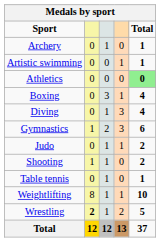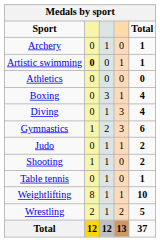 <table class=wikitable style="font-size:85%; float:right;text-align:center">
 <tr bgcolor=EFEFEF>
 <th colspan=7><strong>Medals by sport</strong></th>
 </tr>
 <tr>
 <td><strong>Sport</strong></td>
 <td bgcolor=F7F6A8></td>
 <td bgcolor=DCE5E5></td>
 <td bgcolor=FFDBA9></td>
 <td><strong>Total</strong></td>
 </tr>
 <tr>
 <td><a href='#'>Archery</a></td>
 <td bgcolor=F7F6A8>0</td>
 <td bgcolor=DCE5E5>1</td>
 <td bgcolor=FFDAB9>0</td>
 <td><strong>1</strong></td>
 </tr>
 <tr>
 <td><a href='#'>Artistic swimming</a></td>
-<td bgcolor=F7F6A8>0</td>
+<td bgcolor=F7F6A8><strong>0</strong></td>
 <td bgcolor=DCE5E5>0</td>
 <td bgcolor=FFDAB9>1</td>
 <td><strong>1</strong></td>
 </tr>
 <tr>
 <td><a href='#'>Athletics</a></td>
 <td bgcolor=F7F6A8>0</td>
 <td bgcolor=DCE5E5>0</td>
 <td bgcolor=FFDAB9>0</td>
-<td style="background: lightgreen;"><strong>0</strong></td>
+<td><strong>0</strong></td>
 </tr>
 <tr>
 <td><a href='#'>Boxing</a></td>
 <td bgcolor=F7F6A8>0</td>
 <td bgcolor=DCE5E5>3</td>
 <td bgcolor=FFDAB9>1</td>
 <td><strong>4</strong></td>
 </tr>
 <tr>
 <td><a href='#'>Diving</a></td>
 <td bgcolor=F7F6A8>0</td>
 <td bgcolor=DCE5E5>1</td>
 <td bgcolor=FFDAB9>3</td>
 <td><strong>4</strong></td>
 </tr>
 <tr>
 <td><a href='#'>Gymnastics</a></td>
 <td bgcolor=F7F6A8>1</td>
 <td bgcolor=DCE5E5>2</td>
 <td bgcolor=FFDAB9>3</td>
 <td><strong>6</strong></td>
 </tr>
 <tr>
 <td><a href='#'>Judo</a></td>
 <td bgcolor=F7F6A8>0</td>
 <td bgcolor=DCE5E5>1</td>
 <td bgcolor=FFDAB9>1</td>
 <td><strong>2</strong></td>
 </tr>
 <tr>
 <td><a href='#'>Shooting</a></td>
 <td bgcolor=F7F6A8>1</td>
 <td bgcolor=DCE5E5>1</td>
 <td bgcolor=FFDAB9>0</td>
 <td><strong>2</strong></td>
 </tr>
 <tr>
 <td><a href='#'>Table tennis</a></td>
 <td bgcolor=F7F6A8>0</td>
 <td bgcolor=DCE5E5>1</td>
 <td bgcolor=FFDAB9>0</td>
 <td><strong>1</strong></td>
 </tr>
 <tr>
 <td><a href='#'>Weightlifting</a></td>
 <td bgcolor=F7F6A8>8</td>
 <td bgcolor=DCE5E5>1</td>
 <td bgcolor=FFDAB9>1</td>
 <td><strong>10</strong></td>
 </tr>
 <tr>
 <td><a href='#'>Wrestling</a></td>
-<td bgcolor=F7F6A8><strong>2</strong></td>
+<td bgcolor=F7F6A8>2</td>
 <td bgcolor=DCE5E5>1</td>
 <td bgcolor=FFDAB9>2</td>
 <td><strong>5</strong></td>
 </tr>
 <tr>
 <th><strong>Total</strong></th>
 <td style="background:gold;"><strong>12</strong></td>
 <td style="background:silver;"><strong>12</strong></td>
 <td style="background:#c96;"><strong>13</strong></td>
 <td><strong>37</strong></td>
 </tr>
 </table>
